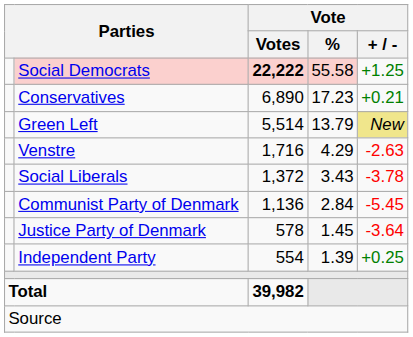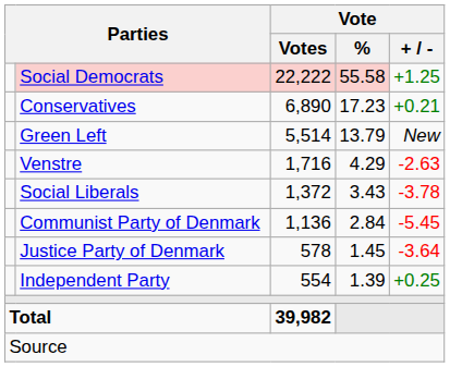 <table class="wikitable" style="text-align:right;">
 <tr>
 <th style="text-align:centre;" rowspan="2" colspan="2" width="225">Parties</th>
 <th colspan="3">Vote</th>
 </tr>
 <tr>
 <th width="15">Votes</th>
 <th width="15">%</th>
 <th width="15">+ / -</th>
 </tr>
 <tr>
 <td width="2" style="color:inherit;background:"></td>
 <td bgcolor=#fbd0ce  align="left"><a href='#'>Social Democrats</a></td>
-<td bgcolor=#fbd0ce><strong>22,222</strong></td>
+<td bgcolor=#fbd0ce>22,222</td>
 <td bgcolor=#fbd0ce>55.58</td>
 <td style=color:green;>+1.25</td>
 </tr>
 <tr>
 <td width="2" style="color:inherit;background:"></td>
 <td align="left"><a href='#'>Conservatives</a></td>
 <td>6,890</td>
 <td>17.23</td>
 <td style=color:green;>+0.21</td>
 </tr>
 <tr>
 <td width="2" style="color:inherit;background:"></td>
 <td align="left"><a href='#'>Green Left</a></td>
 <td>5,514</td>
 <td>13.79</td>
-<td style="background: khaki;"><em>New</em></td>
+<td><em>New</em></td>
 </tr>
 <tr>
 <td width="2" style="color:inherit;background:"></td>
 <td align="left"><a href='#'>Venstre</a></td>
 <td>1,716</td>
 <td>4.29</td>
 <td style=color:red;>-2.63</td>
 </tr>
 <tr>
 <td width="2" style="color:inherit;background:"></td>
 <td align="left"><a href='#'>Social Liberals</a></td>
 <td>1,372</td>
 <td>3.43</td>
 <td style=color:red;>-3.78</td>
 </tr>
 <tr>
 <td width="2" style="color:inherit;background:"></td>
 <td align="left"><a href='#'>Communist Party of Denmark</a></td>
 <td>1,136</td>
 <td>2.84</td>
 <td style=color:red;>-5.45</td>
 </tr>
 <tr>
 <td width="2" style="color:inherit;background:"></td>
 <td align="left"><a href='#'>Justice Party of Denmark</a></td>
 <td>578</td>
 <td>1.45</td>
 <td style=color:red;>-3.64</td>
 </tr>
 <tr>
 <td width="2" style="color:inherit;background:"></td>
 <td align="left"><a href='#'>Independent Party</a></td>
 <td>554</td>
 <td>1.39</td>
 <td style=color:green;>+0.25</td>
 </tr>
 <tr>
 <td colspan="7" bgcolor="#E9E9E9"></td>
 </tr>
 <tr>
 <td align="left" colspan="2"><strong>Total</strong></td>
 <td><strong>39,982</strong></td>
 <td bgcolor="#E9E9E9" colspan="2"></td>
 </tr>
 <tr>
 <td align="left" colspan="6">Source</td>
 </tr>
 </table>
